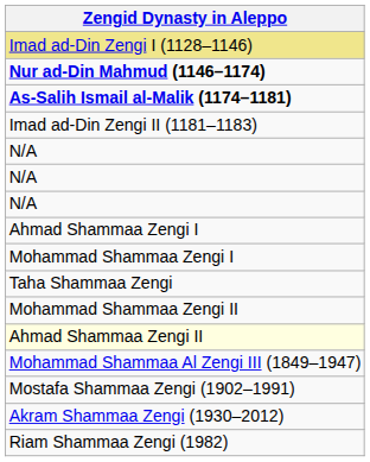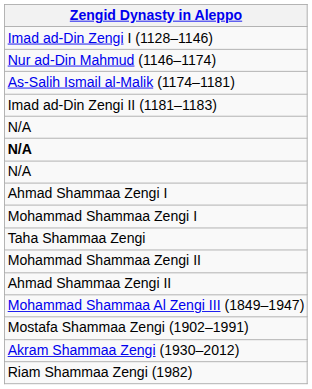 <table class="wikitable" border="1">
 <tr>
 <th><a href='#'>Zengid Dynasty in Aleppo</a></th>
 </tr>
 <tr>
-<td style="background: khaki;"><a href='#'>Imad ad-Din Zengi</a> I (1128–1146)</td>
+<td><a href='#'>Imad ad-Din Zengi</a> I (1128–1146)</td>
 </tr>
 <tr>
-<td><strong><a href='#'>Nur ad-Din Mahmud</a> (1146–1174)</strong></td>
+<td><a href='#'>Nur ad-Din Mahmud</a> (1146–1174)</td>
 </tr>
 <tr>
-<td><strong><a href='#'>As-Salih Ismail al-Malik</a> (1174–1181)</strong></td>
+<td><a href='#'>As-Salih Ismail al-Malik</a> (1174–1181)</td>
 </tr>
 <tr>
 <td>Imad ad-Din Zengi II (1181–1183)</td>
 </tr>
 <tr>
 <td>N/A</td>
 </tr>
 <tr>
-<td>N/A</td>
+<td><strong>N/A</strong></td>
 </tr>
 <tr>
 <td>N/A</td>
 </tr>
 <tr>
 <td>Ahmad Shammaa  Zengi I</td>
 </tr>
 <tr>
 <td>Mohammad  Shammaa Zengi I</td>
 </tr>
 <tr>
 <td>Taha Shammaa Zengi</td>
 </tr>
 <tr>
 <td>Mohammad  Shammaa Zengi II</td>
 </tr>
 <tr>
-<td style="background: lightyellow;">Ahmad Shammaa Zengi II</td>
+<td>Ahmad Shammaa Zengi II</td>
 </tr>
 <tr>
 <td><a href='#'>Mohammad Shammaa Al Zengi III</a> (1849–1947)</td>
 </tr>
 <tr>
 <td>Mostafa Shammaa Zengi (1902–1991)</td>
 </tr>
 <tr>
 <td><a href='#'>Akram Shammaa Zengi</a> (1930–2012)</td>
 </tr>
 <tr>
 <td>Riam Shammaa Zengi (1982)</td>
 </tr>
 </table>
